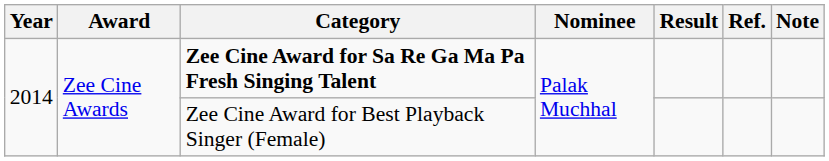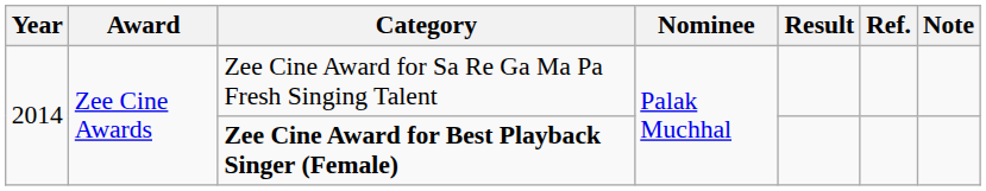 <table class="wikitable sortable">
 <tr>
 <th>Year</th>
 <th>Award</th>
 <th>Category</th>
 <th>Nominee</th>
 <th>Result</th>
 <th>Ref.</th>
 <th>Note</th>
 </tr>
 <tr>
 <td rowspan="2">2014</td>
 <td rowspan="2"><a href='#'>Zee Cine Awards</a></td>
-<td><strong>Zee Cine Award for Sa Re Ga Ma Pa Fresh Singing Talent</strong></td>
+<td>Zee Cine Award for Sa Re Ga Ma Pa Fresh Singing Talent</td>
 <td rowspan="2"><a href='#'>Palak Muchhal</a></td>
 <td></td>
 <td></td>
 <td></td>
 </tr>
 <tr>
-<td Zee Cine Award for Best Playback Singer (Female)>Zee Cine Award for Best Playback Singer (Female)</td>
+<td Zee Cine Award for Best Playback Singer (Female)><strong>Zee Cine Award for Best Playback Singer (Female)</strong></td>
 <td></td>
 <td></td>
 <td></td>
 </tr>
 </table>
